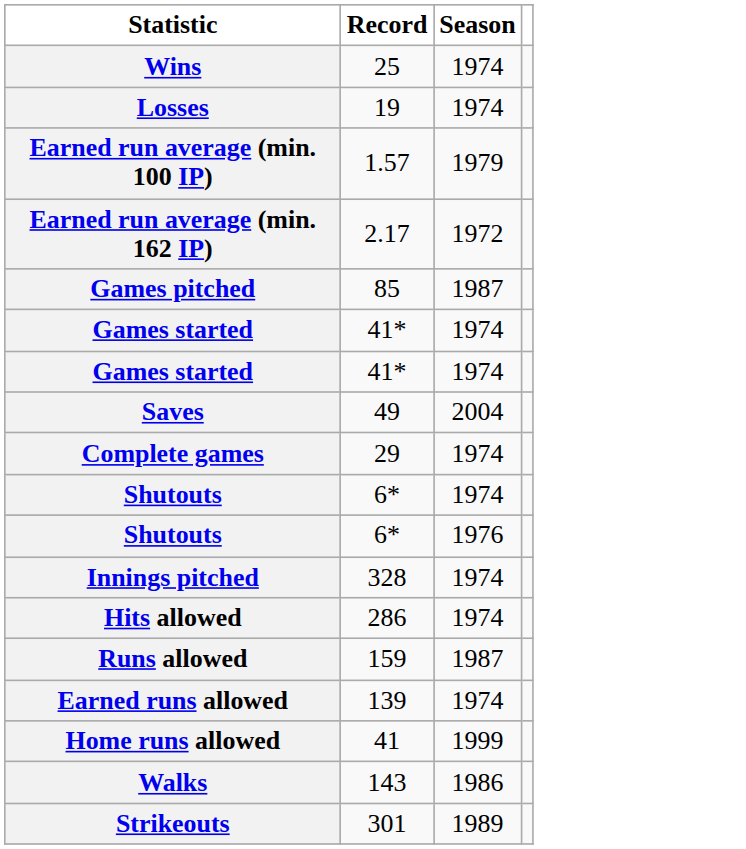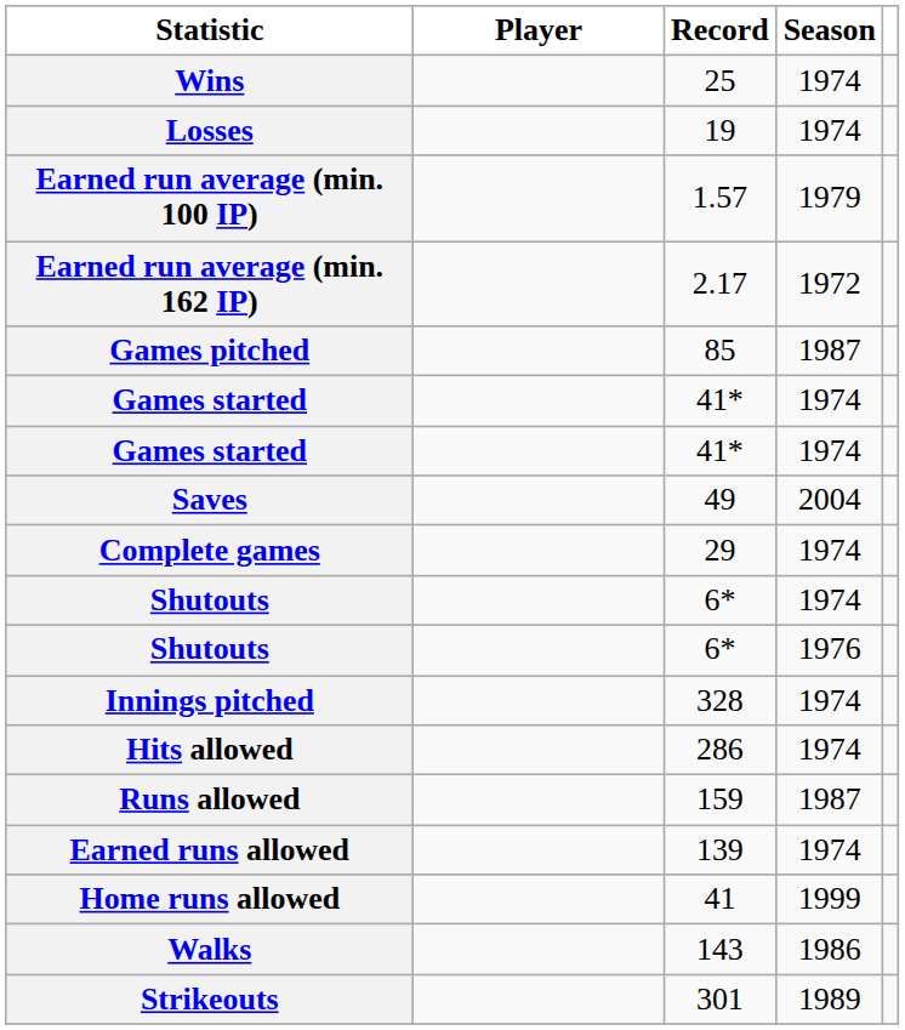 <table class="sortable wikitable plainrowheaders" style="text-align:center">
 <tr>
 <th width="200px" scope="col" style="background-color:#ffffff; border-top:#">Statistic</th>
+<th width="120px" scope="col" style="background-color:#ffffff; border-top:#">Player</th>
 <th class="unsortable" scope="col" style="background-color:#ffffff; border-top:#">Record</th>
 <th scope="col" style="background-color:#ffffff; border-top:#">Season</th>
 <th class="unsortable" scope="col" style="background-color:#ffffff; border-top:#"></th>
 </tr>
 <tr>
 <th scope="row" style="text-align:center"><a href='#'>Wins</a></th>
+<td></td>
 <td>25</td>
 <td>1974</td>
 <td></td>
 </tr>
 <tr>
 <th scope="row" style="text-align:center"><a href='#'>Losses</a></th>
+<td></td>
 <td>19</td>
 <td>1974</td>
 <td></td>
 </tr>
 <tr>
 <th scope="row" style="text-align:center"><a href='#'>Earned run average</a> (min. 100 <a href='#'>IP</a>)</th>
+<td></td>
 <td>1.57</td>
 <td>1979</td>
 <td></td>
 </tr>
 <tr>
 <th scope="row" style="text-align:center"><a href='#'>Earned run average</a> (min. 162 <a href='#'>IP</a>)</th>
+<td></td>
 <td>2.17</td>
 <td>1972</td>
 <td></td>
 </tr>
 <tr>
 <th scope="row" style="text-align:center"><a href='#'>Games pitched</a></th>
+<td></td>
 <td>85</td>
 <td>1987</td>
 <td></td>
 </tr>
 <tr>
 <th scope="row" style="text-align:center"><a href='#'>Games started</a></th>
+<td></td>
 <td>41*</td>
 <td>1974</td>
 <td></td>
 </tr>
 <tr>
 <th scope="row" style="text-align:center"><a href='#'>Games started</a></th>
+<td></td>
 <td>41*</td>
 <td>1974</td>
 <td></td>
 </tr>
 <tr>
 <th scope="row" style="text-align:center"><a href='#'>Saves</a></th>
+<td></td>
 <td>49</td>
 <td>2004</td>
 <td></td>
 </tr>
 <tr>
 <th scope="row" style="text-align:center"><a href='#'>Complete games</a></th>
+<td></td>
 <td>29</td>
 <td>1974</td>
 <td></td>
 </tr>
 <tr>
 <th scope="row" style="text-align:center"><a href='#'>Shutouts</a></th>
+<td></td>
 <td>6*</td>
 <td>1974</td>
 <td></td>
 </tr>
 <tr>
 <th scope="row" style="text-align:center"><a href='#'>Shutouts</a></th>
+<td></td>
 <td>6*</td>
 <td>1976</td>
 <td></td>
 </tr>
 <tr>
 <th scope="row" style="text-align:center"><a href='#'>Innings pitched</a></th>
+<td></td>
 <td>328</td>
 <td>1974</td>
 <td></td>
 </tr>
 <tr>
 <th scope="row" style="text-align:center"><a href='#'>Hits</a> allowed</th>
+<td></td>
 <td>286</td>
 <td>1974</td>
 <td></td>
 </tr>
 <tr>
 <th scope="row" style="text-align:center"><a href='#'>Runs</a> allowed</th>
+<td></td>
 <td>159</td>
 <td>1987</td>
 <td></td>
 </tr>
 <tr>
 <th scope="row" style="text-align:center"><a href='#'>Earned runs</a> allowed</th>
+<td></td>
 <td>139</td>
 <td>1974</td>
 <td></td>
 </tr>
 <tr>
 <th scope="row" style="text-align:center"><a href='#'>Home runs</a> allowed</th>
+<td></td>
 <td>41</td>
 <td>1999</td>
 <td></td>
 </tr>
 <tr>
 <th scope="row" style="text-align:center"><a href='#'>Walks</a></th>
+<td></td>
 <td>143</td>
 <td>1986</td>
 <td></td>
 </tr>
 <tr>
 <th scope="row" style="text-align:center"><a href='#'>Strikeouts</a></th>
+<td></td>
 <td>301</td>
 <td>1989</td>
 <td></td>
 </tr>
 </table>
